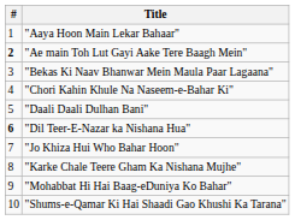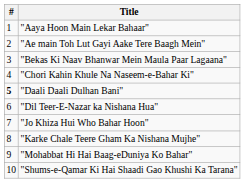 <table class="wikitable" style="font-size:95%;">
 <tr>
 <th>#</th>
 <th>Title</th>
 </tr>
 <tr>
 <td>1</td>
 <td>"Aaya Hoon Main Lekar Bahaar"</td>
 </tr>
 <tr>
-<td><strong>2</strong></td>
+<td>2</td>
 <td>"Ae main Toh Lut Gayi Aake Tere Baagh Mein"</td>
 </tr>
 <tr>
 <td>3</td>
 <td>"Bekas Ki Naav Bhanwar Mein Maula Paar Lagaana"</td>
 </tr>
 <tr>
 <td>4</td>
 <td>"Chori Kahin Khule Na Naseem-e-Bahar Ki"</td>
 </tr>
 <tr>
-<td>5</td>
+<td><strong>5</strong></td>
 <td>"Daali Daali Dulhan Bani"</td>
 </tr>
 <tr>
-<td><strong>6</strong></td>
+<td>6</td>
 <td>"Dil Teer-E-Nazar ka Nishana Hua"</td>
 </tr>
 <tr>
 <td>7</td>
 <td>"Jo Khiza Hui Who Bahar Hoon"</td>
 </tr>
 <tr>
 <td>8</td>
 <td>"Karke Chale Teere Gham Ka Nishana Mujhe"</td>
 </tr>
 <tr>
 <td>9</td>
 <td>"Mohabbat Hi Hai Baag-eDuniya Ko Bahar"</td>
 </tr>
 <tr>
 <td>10</td>
 <td>"Shums-e-Qamar Ki Hai Shaadi Gao Khushi Ka Tarana"</td>
 </tr>
 </table>
